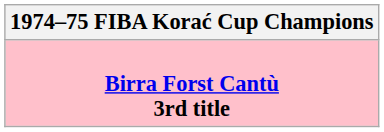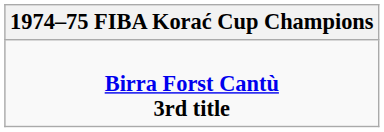 <table class=wikitable style="text-align:center; margin:auto">
 <tr>
 <th>1974–75 FIBA Korać Cup Champions</th>
 </tr>
 <tr>
-<td style="background: pink;"><br> <strong><a href='#'>Birra Forst Cantù</a></strong> <br> <strong>3rd title</strong></td>
+<td><br> <strong><a href='#'>Birra Forst Cantù</a></strong> <br> <strong>3rd title</strong></td>
 </tr>
 </table>
